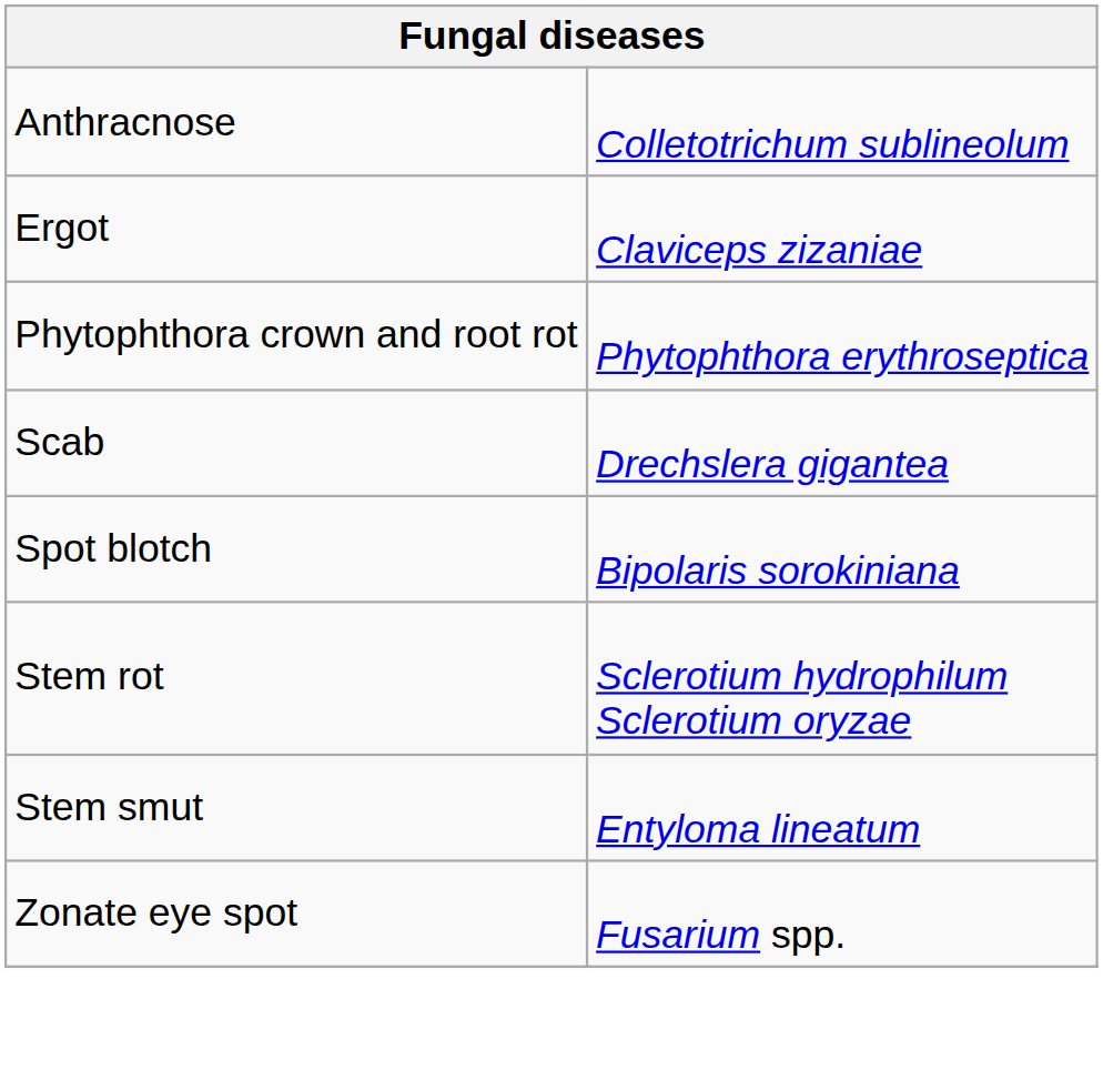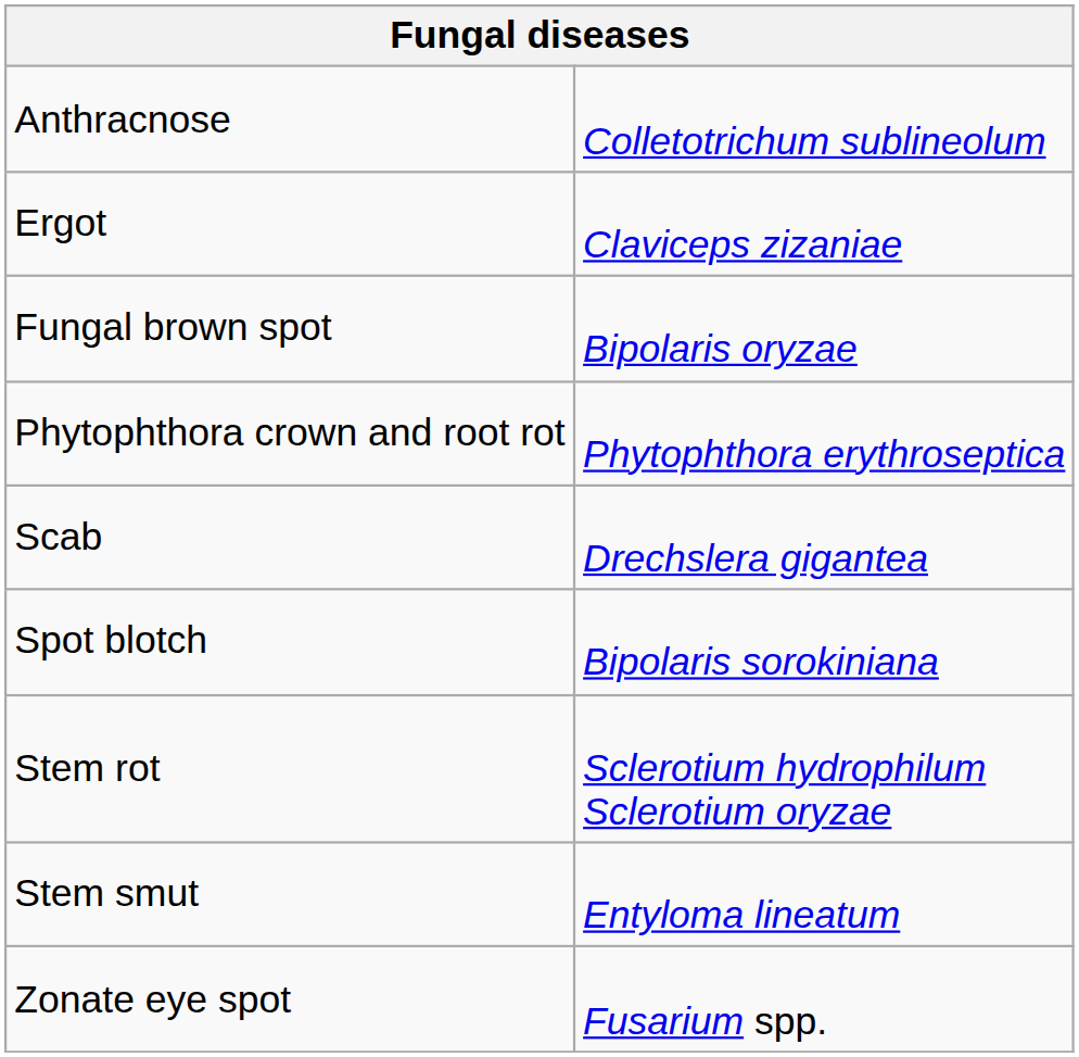 <table class="wikitable" style="clear">
 <tr>
 <th colspan=2><strong>Fungal diseases</strong><br></th>
 </tr>
 <tr>
 <td>Anthracnose</td>
 <td><br><em><a href='#'>Colletotrichum sublineolum</a></em></td>
 </tr>
 <tr>
 <td>Ergot</td>
 <td><br><em><a href='#'>Claviceps zizaniae</a></em></td>
+</tr>
+<tr>
+<td>Fungal brown spot</td>
+<td><br><em><a href='#'>Bipolaris oryzae</a></em></td>
 </tr>
 <tr>
 <td>Phytophthora crown and root rot</td>
 <td><br><em><a href='#'>Phytophthora erythroseptica</a></em></td>
 </tr>
 <tr>
 <td>Scab</td>
 <td><br><em><a href='#'>Drechslera gigantea</a></em></td>
 </tr>
 <tr>
 <td>Spot blotch</td>
 <td><br><em><a href='#'>Bipolaris sorokiniana</a></em></td>
 </tr>
 <tr>
 <td>Stem rot</td>
 <td><br><em><a href='#'>Sclerotium hydrophilum</a></em><br> <em><a href='#'>Sclerotium oryzae</a></em></td>
 </tr>
 <tr>
 <td>Stem smut</td>
 <td><br><em><a href='#'>Entyloma lineatum</a></em></td>
 </tr>
 <tr>
 <td>Zonate eye spot</td>
 <td><br><em><a href='#'>Fusarium</a></em> spp.</td>
 </tr>
 <tr>
 </tr>
 </table>
